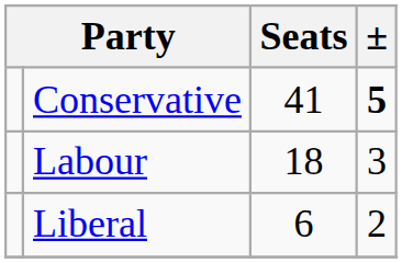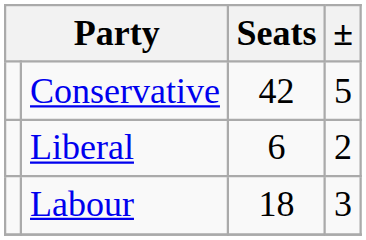 <table class="sortable wikitable">
 <tr>
 <th colspan="2">Party</th>
 <th>Seats</th>
 <th>±</th>
 </tr>
 <tr>
 <td style="background-color: "></td>
 <td><a href='#'>Conservative</a></td>
-<td align="center">41</td>
-<td align="center"><strong>5</strong></td>
+<td align="center">42</td>
+<td align="center">5</td>
+</tr>
+<tr>
+<td style="background-color: "></td>
+<td><a href='#'>Liberal</a></td>
+<td align="center">6</td>
+<td align="center">2</td>
 </tr>
 <tr>
 <td style="background-color: "></td>
 <td><a href='#'>Labour</a></td>
 <td align="center">18</td>
 <td align="center">3</td>
 </tr>
 <tr>
-<td style="background-color: "></td>
-<td><a href='#'>Liberal</a></td>
-<td align="center">6</td>
-<td align="center">2</td>
-</tr>
-<tr>
 </tr>
 </table>
